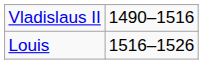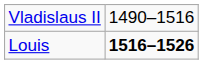 <table class="wikitable">
 <tr>
 <td><a href='#'>Vladislaus II</a></td>
 <td>1490–1516</td>
 </tr>
 <tr>
 <td><a href='#'>Louis</a></td>
-<td>1516–1526</td>
+<td><strong>1516–1526</strong></td>
 </tr>
 </table>
